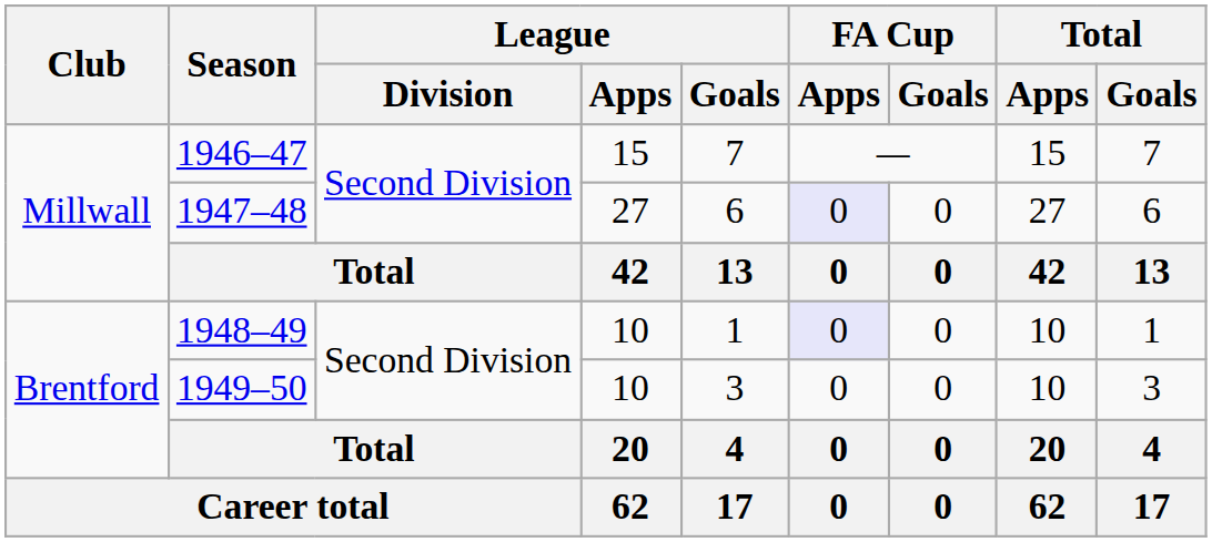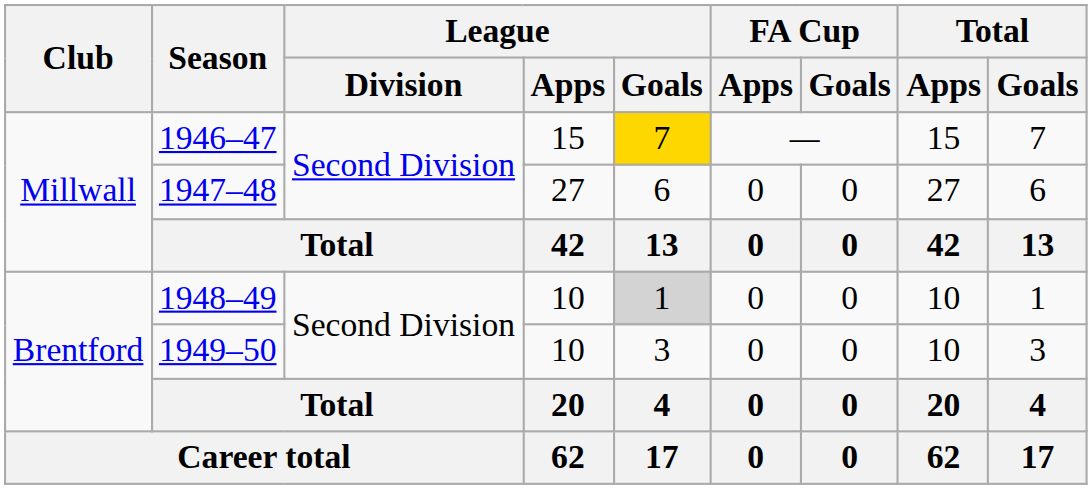 <table class="wikitable" style="text-align: center;">
 <tr>
 <th rowspan="2">Club</th>
 <th rowspan="2">Season</th>
 <th colspan="3">League</th>
 <th colspan="2">FA Cup</th>
 <th colspan="2">Total</th>
 </tr>
 <tr>
 <th>Division</th>
 <th>Apps</th>
 <th>Goals</th>
 <th>Apps</th>
 <th>Goals</th>
 <th>Apps</th>
 <th>Goals</th>
 </tr>
 <tr>
 <td rowspan="3"><a href='#'>Millwall</a></td>
 <td><a href='#'>1946–47</a></td>
 <td rowspan="2"><a href='#'>Second Division</a></td>
 <td>15</td>
-<td>7</td>
+<td style="background: gold;">7</td>
 <td colspan="2"><em>—</em></td>
 <td>15</td>
 <td>7</td>
 </tr>
 <tr>
 <td><a href='#'>1947–48</a></td>
 <td>27</td>
 <td>6</td>
-<td style="background: lavender;">0</td>
+<td>0</td>
 <td>0</td>
 <td>27</td>
 <td>6</td>
 </tr>
 <tr>
 <th colspan="2">Total</th>
 <th>42</th>
 <th>13</th>
 <th>0</th>
 <th>0</th>
 <th>42</th>
 <th>13</th>
 </tr>
 <tr>
 <td rowspan="3"><a href='#'>Brentford</a></td>
 <td><a href='#'>1948–49</a></td>
 <td rowspan="2">Second Division</td>
 <td>10</td>
-<td>1</td>
-<td style="background: lavender;">0</td>
+<td style="background: lightgrey;">1</td>
+<td>0</td>
 <td>0</td>
 <td>10</td>
 <td>1</td>
 </tr>
 <tr>
 <td><a href='#'>1949–50</a></td>
 <td>10</td>
 <td>3</td>
 <td>0</td>
 <td>0</td>
 <td>10</td>
 <td>3</td>
 </tr>
 <tr>
 <th colspan="2">Total</th>
 <th>20</th>
 <th>4</th>
 <th>0</th>
 <th>0</th>
 <th>20</th>
 <th>4</th>
 </tr>
 <tr>
 <th colspan="3">Career total</th>
 <th>62</th>
 <th>17</th>
 <th>0</th>
 <th>0</th>
 <th>62</th>
 <th>17</th>
 </tr>
 </table>
